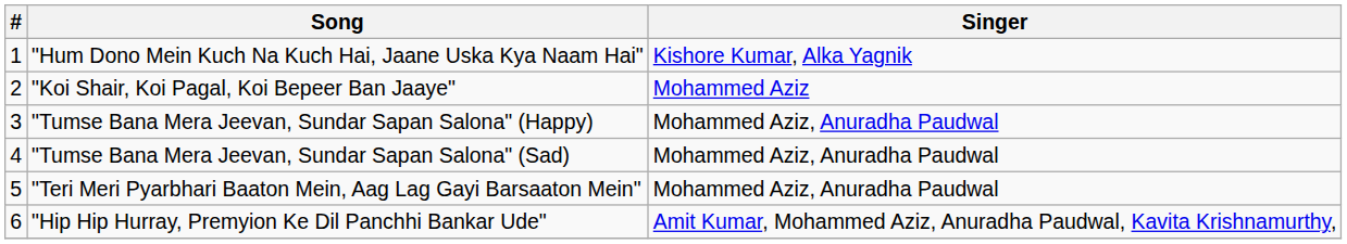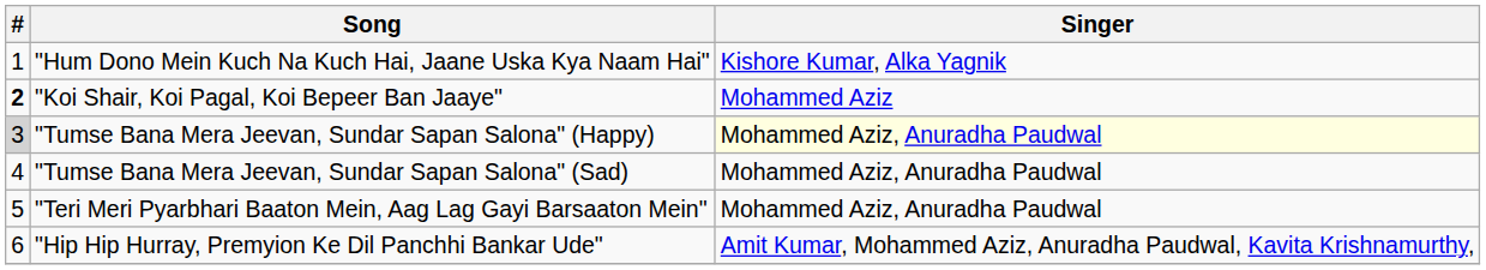 <table class="wikitable" style="font-size:95%;">
 <tr>
 <th>#</th>
 <th>Song</th>
 <th>Singer</th>
 </tr>
 <tr>
 <td>1</td>
 <td>"Hum Dono Mein Kuch Na Kuch Hai, Jaane Uska Kya Naam Hai"</td>
 <td><a href='#'>Kishore Kumar</a>, <a href='#'>Alka Yagnik</a></td>
 </tr>
 <tr>
-<td>2</td>
+<td><strong>2</strong></td>
 <td>"Koi Shair, Koi Pagal, Koi Bepeer Ban Jaaye"</td>
 <td><a href='#'>Mohammed Aziz</a></td>
 </tr>
 <tr>
-<td>3</td>
+<td style="background: lightgrey;">3</td>
 <td>"Tumse Bana Mera Jeevan, Sundar Sapan Salona" (Happy)</td>
-<td>Mohammed Aziz, <a href='#'>Anuradha Paudwal</a></td>
+<td style="background: lightyellow;">Mohammed Aziz, <a href='#'>Anuradha Paudwal</a></td>
 </tr>
 <tr>
 <td>4</td>
 <td>"Tumse Bana Mera Jeevan, Sundar Sapan Salona" (Sad)</td>
 <td>Mohammed Aziz, Anuradha Paudwal</td>
 </tr>
 <tr>
 <td>5</td>
 <td>"Teri Meri Pyarbhari Baaton Mein, Aag Lag Gayi Barsaaton Mein"</td>
 <td>Mohammed Aziz, Anuradha Paudwal</td>
 </tr>
 <tr>
 <td>6</td>
 <td>"Hip Hip Hurray, Premyion Ke Dil Panchhi Bankar Ude"</td>
 <td><a href='#'>Amit Kumar</a>, Mohammed Aziz, Anuradha Paudwal, <a href='#'>Kavita Krishnamurthy</a>,</td>
 </tr>
 <tr>
 </tr>
 </table>
